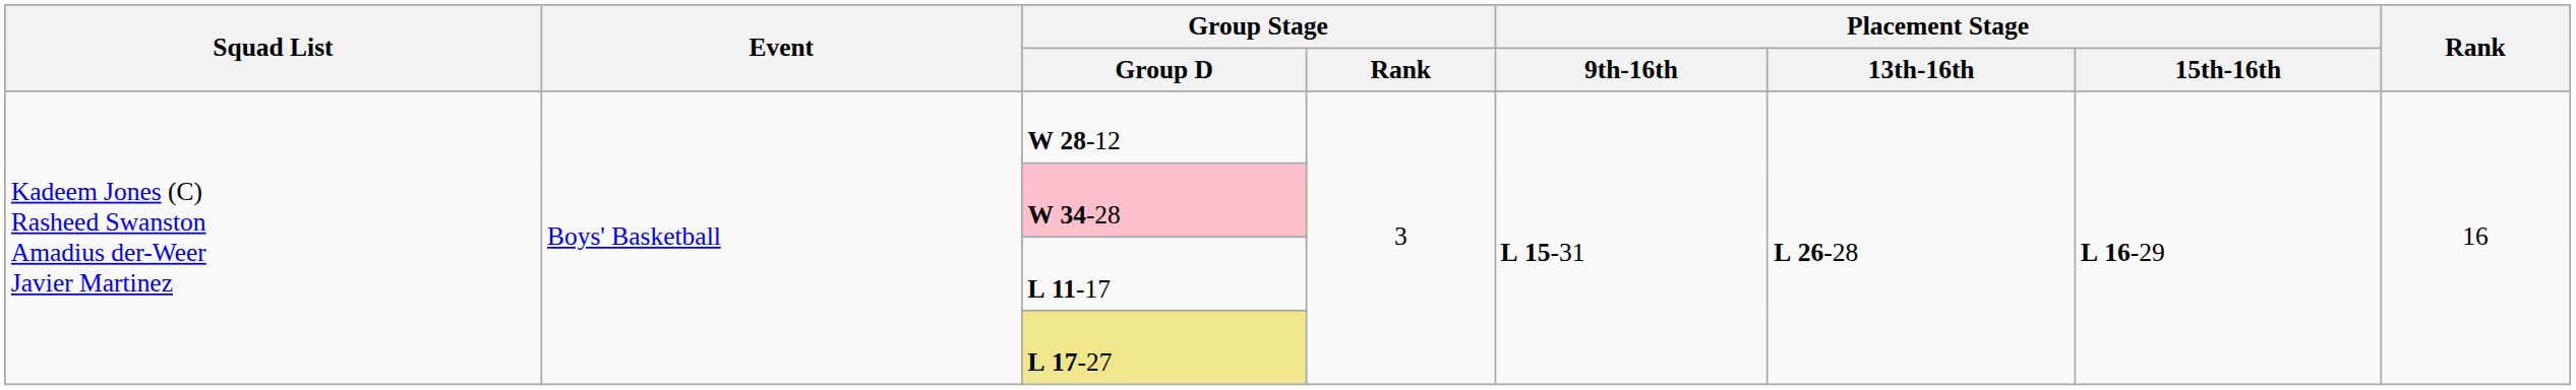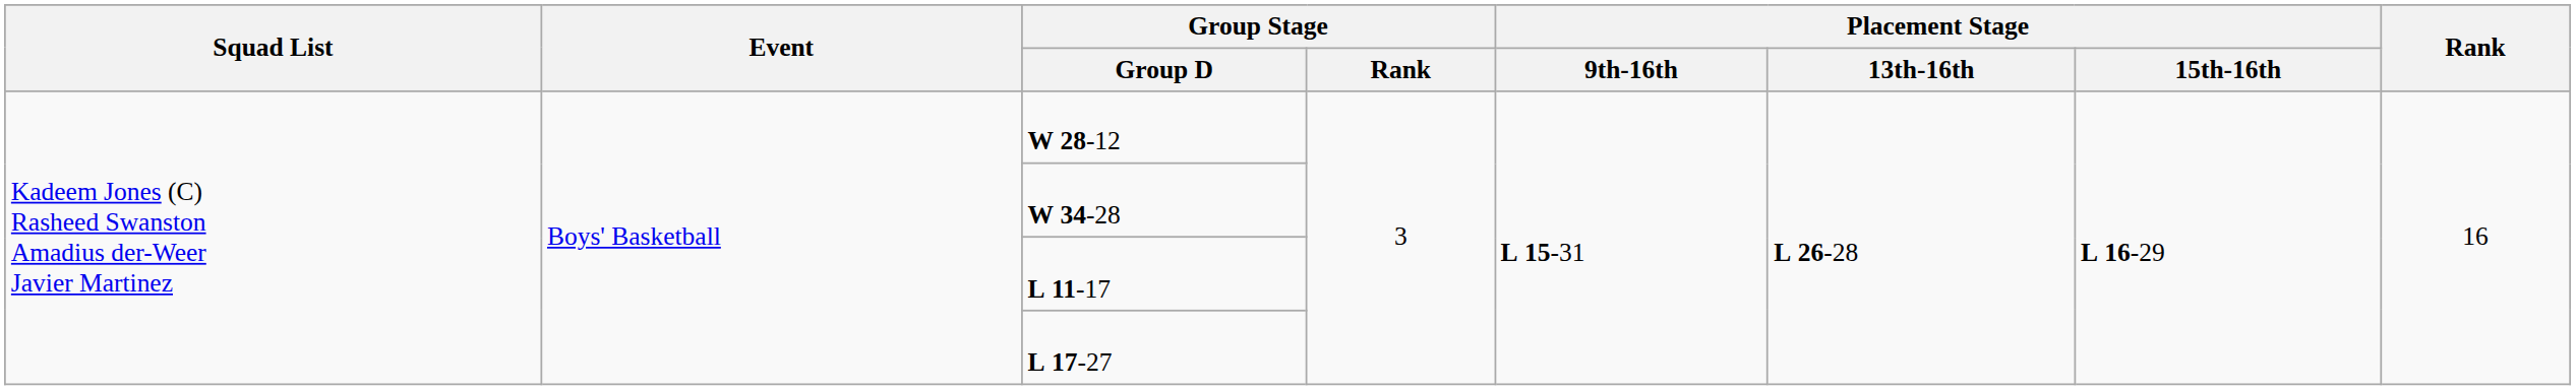 <table class="wikitable" width="90%" style="text-align:left; font-size:90%">
 <tr>
 <th rowspan="2">Squad List</th>
 <th rowspan="2">Event</th>
 <th colspan="2">Group Stage</th>
 <th colspan="3">Placement Stage</th>
 <th rowspan="2">Rank</th>
 </tr>
 <tr>
 <th>Group D</th>
 <th>Rank</th>
 <th>9th-16th</th>
 <th>13th-16th</th>
 <th>15th-16th</th>
 </tr>
 <tr>
 <td rowspan="4"><a href='#'>Kadeem Jones</a> (C)<br><a href='#'>Rasheed Swanston</a><br><a href='#'>Amadius der-Weer</a><br><a href='#'>Javier Martinez</a></td>
 <td rowspan="4"><a href='#'>Boys' Basketball</a></td>
 <td><br> <strong>W</strong> <strong>28</strong>-12</td>
 <td rowspan="4" align=center>3</td>
 <td rowspan="4"> <br> <strong>L</strong> <strong>15</strong>-31</td>
 <td rowspan="4"> <br> <strong>L</strong> <strong>26</strong>-28</td>
 <td rowspan="4"> <br> <strong>L</strong> <strong>16</strong>-29</td>
 <td rowspan="4" align="center">16</td>
 </tr>
 <tr>
-<td style="background: pink;"><br> <strong>W</strong> <strong>34</strong>-28</td>
+<td><br> <strong>W</strong> <strong>34</strong>-28</td>
 </tr>
 <tr>
 <td><br> <strong>L</strong> <strong>11</strong>-17</td>
 </tr>
 <tr>
-<td style="background: khaki;"><br> <strong>L</strong> <strong>17</strong>-27</td>
+<td><br> <strong>L</strong> <strong>17</strong>-27</td>
 </tr>
 </table>
